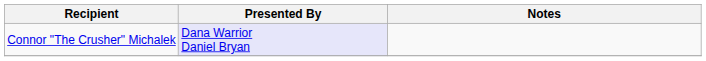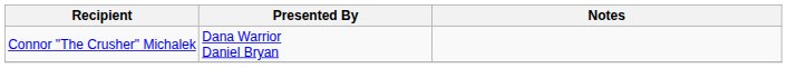 <table class="wikitable sortable" style="font-size: 95%">
 <tr>
 <th style="width:25%;">Recipient<br></th>
 <th style="width:30%;">Presented By</th>
 <th class="unsortable">Notes</th>
 </tr>
 <tr>
 <td><a href='#'>Connor "The Crusher" Michalek</a></td>
-<td style="background: lavender;"><a href='#'>Dana Warrior</a><br><a href='#'>Daniel Bryan</a></td>
+<td><a href='#'>Dana Warrior</a><br><a href='#'>Daniel Bryan</a></td>
 <td></td>
 </tr>
 <tr>
 </tr>
 </table>
